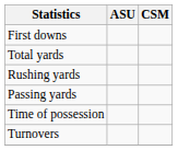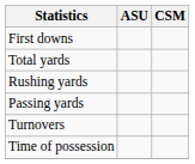 <table class="wikitable">
 <tr>
 <th>Statistics</th>
 <th>ASU</th>
 <th>CSM</th>
 </tr>
 <tr>
 <td>First downs</td>
 <td></td>
 <td></td>
 </tr>
 <tr>
 <td>Total yards</td>
 <td></td>
 <td></td>
 </tr>
 <tr>
 <td>Rushing yards</td>
 <td></td>
 <td></td>
 </tr>
 <tr>
 <td>Passing yards</td>
 <td></td>
 <td></td>
 </tr>
 <tr>
-<td>Time of possession</td>
+<td>Turnovers</td>
 <td></td>
 <td></td>
 </tr>
 <tr>
-<td>Turnovers</td>
+<td>Time of possession</td>
 <td></td>
 <td></td>
 </tr>
 <tr>
 </tr>
 </table>
